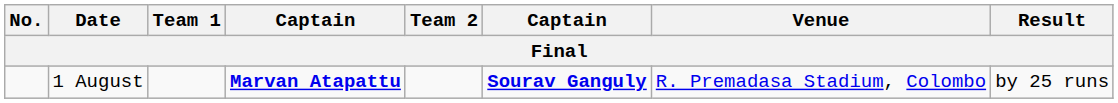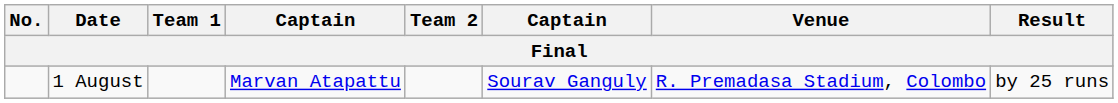 <table class="wikitable">
 <tr>
 <th>No.</th>
 <th>Date</th>
 <th>Team 1</th>
 <th>Captain</th>
 <th>Team 2</th>
 <th>Captain</th>
 <th>Venue</th>
 <th>Result</th>
 </tr>
 <tr>
 <th colspan="8">Final</th>
 </tr>
 <tr>
 <td></td>
 <td>1 August</td>
 <td></td>
-<td><strong><a href='#'>Marvan Atapattu</a></strong></td>
+<td><a href='#'>Marvan Atapattu</a></td>
 <td></td>
-<td><strong><a href='#'>Sourav Ganguly</a></strong></td>
+<td><a href='#'>Sourav Ganguly</a></td>
 <td><a href='#'>R. Premadasa Stadium</a>, <a href='#'>Colombo</a></td>
 <td> by 25 runs</td>
 </tr>
 </table>
